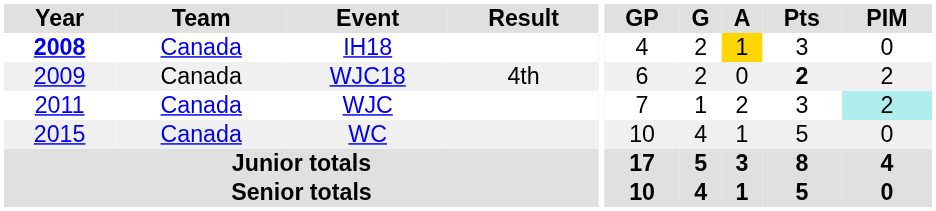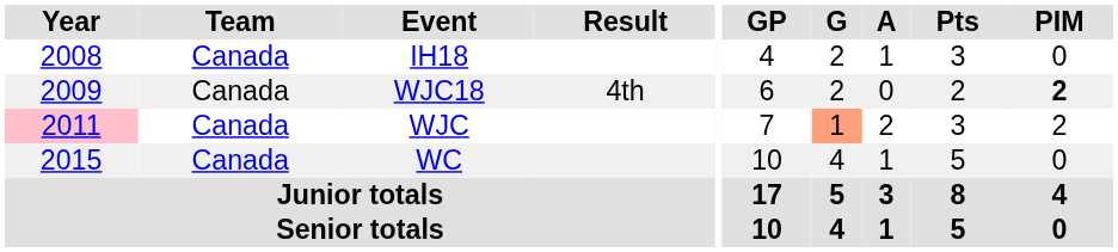 <table border="0" cellpadding="1" cellspacing="0" ID="Table3" style="text-align:center; width:40em">
 <tr ALIGN="center" bgcolor="#e0e0e0">
 <th>Year</th>
 <th>Team</th>
 <th>Event</th>
 <th>Result</th>
 <th rowspan="99" bgcolor="#ffffff"></th>
 <th>GP</th>
 <th>G</th>
 <th>A</th>
 <th>Pts</th>
 <th>PIM</th>
 </tr>
 <tr>
-<td><strong><a href='#'>2008</a></strong></td>
+<td><a href='#'>2008</a></td>
 <td><a href='#'>Canada</a></td>
 <td><a href='#'>IH18</a></td>
 <td></td>
 <td>4</td>
 <td>2</td>
-<td style="background: gold;">1</td>
+<td>1</td>
 <td>3</td>
 <td>0</td>
 </tr>
 <tr bgcolor="#f0f0f0">
 <td><a href='#'>2009</a></td>
 <td>Canada</td>
 <td><a href='#'>WJC18</a></td>
 <td>4th</td>
 <td>6</td>
 <td>2</td>
 <td>0</td>
+<td>2</td>
 <td><strong>2</strong></td>
-<td>2</td>
 </tr>
 <tr>
-<td><a href='#'>2011</a></td>
+<td style="background: pink;"><a href='#'>2011</a></td>
 <td><a href='#'>Canada</a></td>
 <td><a href='#'>WJC</a></td>
 <td></td>
 <td>7</td>
-<td>1</td>
+<td style="background: lightsalmon;">1</td>
 <td>2</td>
 <td>3</td>
-<td style="background: paleturquoise;">2</td>
+<td>2</td>
 </tr>
 <tr bgcolor="#f0f0f0">
 <td><a href='#'>2015</a></td>
 <td><a href='#'>Canada</a></td>
 <td><a href='#'>WC</a></td>
 <td></td>
 <td>10</td>
 <td>4</td>
 <td>1</td>
 <td>5</td>
 <td>0</td>
 </tr>
 <tr bgcolor="#e0e0e0">
 <th colspan="4">Junior totals</th>
 <th>17</th>
 <th>5</th>
 <th>3</th>
 <th>8</th>
 <th>4</th>
 </tr>
 <tr bgcolor="#e0e0e0">
 <th colspan="4">Senior totals</th>
 <th>10</th>
 <th>4</th>
 <th>1</th>
 <th>5</th>
 <th>0</th>
 </tr>
 </table>
